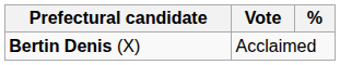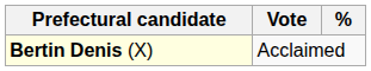 <table class="wikitable">
 <tr>
 <th bgcolor="#DDDDFF" width="200px">Prefectural candidate</th>
 <th bgcolor="#DDDDFF" width="50px">Vote</th>
 <th bgcolor="#DDDDFF" width="30px">%</th>
 </tr>
 <tr>
-<td><strong>Bertin Denis</strong> (X)</td>
+<td style="background: lightyellow;"><strong>Bertin Denis</strong> (X)</td>
 <td colspan="2">Acclaimed</td>
 </tr>
 </table>
